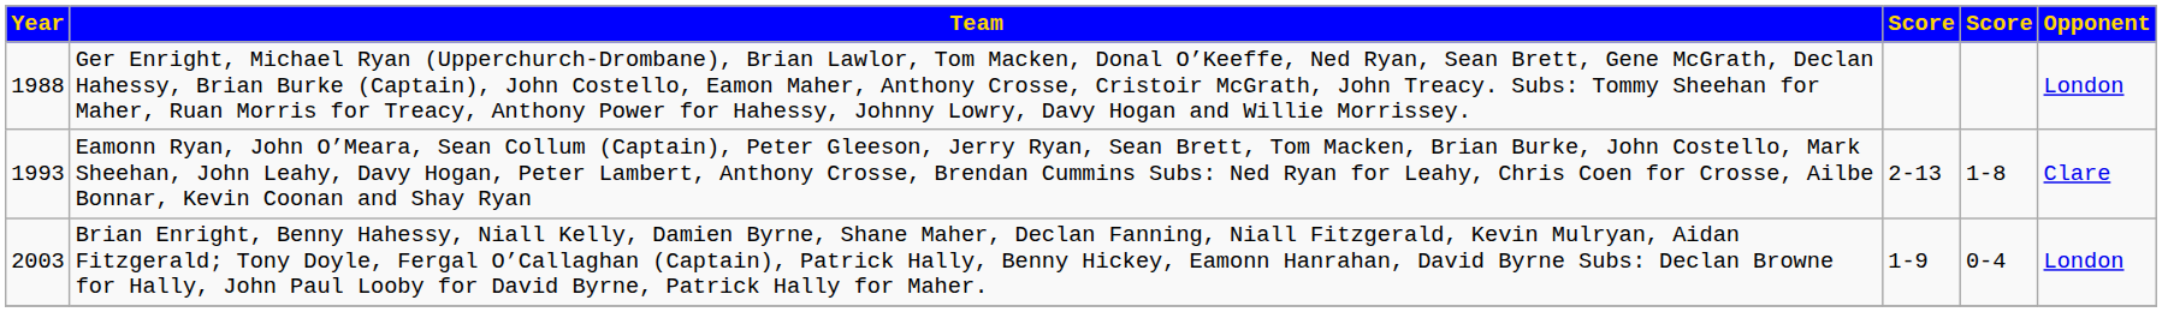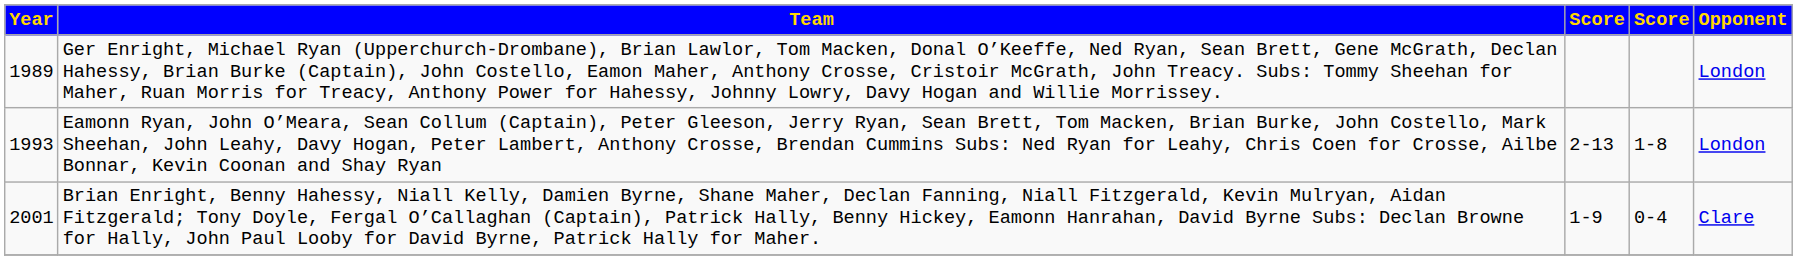 <table class="wikitable">
 <tr style="text-align:center;background:blue;color:gold;">
 <td><strong>Year</strong></td>
 <td><strong>Team</strong></td>
 <td><strong>Score</strong></td>
 <td><strong>Score</strong></td>
 <td><strong>Opponent</strong></td>
 </tr>
 <tr>
-<td>1988</td>
+<td>1989</td>
 <td>Ger Enright, Michael Ryan (Upperchurch-Drombane), Brian Lawlor, Tom Macken, Donal O’Keeffe, Ned Ryan, Sean Brett, Gene McGrath, Declan Hahessy, Brian Burke (Captain), John Costello, Eamon Maher, Anthony Crosse, Cristoir McGrath, John Treacy. Subs: Tommy Sheehan for Maher, Ruan Morris for Treacy, Anthony Power for Hahessy, Johnny Lowry, Davy Hogan and Willie Morrissey.</td>
 <td></td>
 <td></td>
 <td><a href='#'>London</a></td>
 </tr>
 <tr>
 <td>1993</td>
 <td>Eamonn Ryan, John O’Meara, Sean Collum (Captain), Peter Gleeson, Jerry Ryan, Sean Brett, Tom Macken, Brian Burke, John Costello, Mark Sheehan, John Leahy, Davy Hogan, Peter Lambert, Anthony Crosse, Brendan Cummins Subs: Ned Ryan for Leahy, Chris Coen for Crosse, Ailbe Bonnar, Kevin Coonan and Shay Ryan</td>
 <td>2-13</td>
 <td>1-8</td>
-<td><a href='#'>Clare</a></td>
+<td><a href='#'>London</a></td>
 </tr>
 <tr>
-<td>2003</td>
+<td>2001</td>
 <td>Brian Enright, Benny Hahessy, Niall Kelly, Damien Byrne, Shane Maher, Declan Fanning, Niall Fitzgerald, Kevin Mulryan, Aidan Fitzgerald; Tony Doyle, Fergal O’Callaghan (Captain), Patrick Hally, Benny Hickey, Eamonn Hanrahan, David Byrne Subs: Declan Browne for Hally, John Paul Looby for David Byrne, Patrick Hally for Maher.</td>
 <td>1-9</td>
 <td>0-4</td>
-<td><a href='#'>London</a></td>
+<td><a href='#'>Clare</a></td>
 </tr>
 <tr>
 </tr>
 </table>
